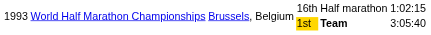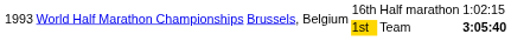 <table>
 <tr>
 <td rowspan=2>1993</td>
 <td rowspan=2><a href='#'>World Half Marathon Championships</a></td>
 <td rowspan=2><a href='#'>Brussels</a>, Belgium</td>
 <td>16th</td>
 <td>Half marathon</td>
 <td>1:02:15</td>
 </tr>
 <tr>
 <td bgcolor=gold>1st</td>
-<td><strong>Team</strong></td>
-<td>3:05:40</td>
+<td>Team</td>
+<td><strong>3:05:40</strong></td>
 </tr>
 </table>
